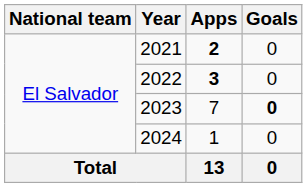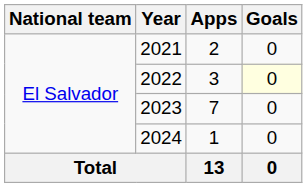 <table class="wikitable" style="text-align:center">
 <tr>
 <th>National team</th>
 <th>Year</th>
 <th>Apps</th>
 <th>Goals</th>
 </tr>
 <tr>
 <td rowspan="4"><a href='#'>El Salvador</a></td>
 <td>2021</td>
-<td><strong>2</strong></td>
+<td>2</td>
 <td>0</td>
 </tr>
 <tr>
 <td>2022</td>
-<td><strong>3</strong></td>
-<td>0</td>
+<td>3</td>
+<td style="background: lightyellow;">0</td>
 </tr>
 <tr>
 <td>2023</td>
 <td>7</td>
-<td><strong>0</strong></td>
+<td>0</td>
 </tr>
 <tr>
 <td>2024</td>
 <td>1</td>
 <td>0</td>
 </tr>
 <tr>
 <th colspan="2">Total</th>
 <th>13</th>
 <th>0</th>
 </tr>
 </table>
